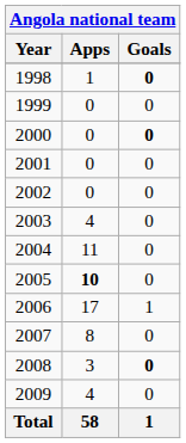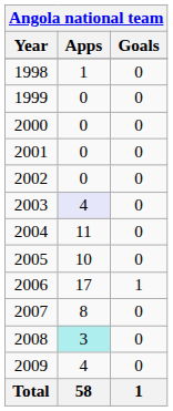 <table class="wikitable" style="text-align:center">
 <tr>
 <th colspan=3><a href='#'>Angola national team</a></th>
 </tr>
 <tr>
 <th>Year</th>
 <th>Apps</th>
 <th>Goals</th>
 </tr>
 <tr>
 </tr>
 <tr>
 <td>1998</td>
 <td>1</td>
-<td><strong>0</strong></td>
+<td>0</td>
 </tr>
 <tr>
 <td>1999</td>
 <td>0</td>
 <td>0</td>
 </tr>
 <tr>
 <td>2000</td>
 <td>0</td>
-<td><strong>0</strong></td>
+<td>0</td>
 </tr>
 <tr>
 <td>2001</td>
 <td>0</td>
 <td>0</td>
 </tr>
 <tr>
 <td>2002</td>
 <td>0</td>
 <td>0</td>
 </tr>
 <tr>
 <td>2003</td>
-<td>4</td>
+<td style="background: lavender;">4</td>
 <td>0</td>
 </tr>
 <tr>
 <td>2004</td>
 <td>11</td>
 <td>0</td>
 </tr>
 <tr>
 <td>2005</td>
-<td><strong>10</strong></td>
+<td>10</td>
 <td>0</td>
 </tr>
 <tr>
 <td>2006</td>
 <td>17</td>
 <td>1</td>
 </tr>
 <tr>
 <td>2007</td>
 <td>8</td>
 <td>0</td>
 </tr>
 <tr>
 <td>2008</td>
-<td>3</td>
-<td><strong>0</strong></td>
+<td style="background: paleturquoise;">3</td>
+<td>0</td>
 </tr>
 <tr>
 <td>2009</td>
 <td>4</td>
 <td>0</td>
 </tr>
 <tr>
 <th>Total</th>
 <th>58</th>
 <th>1</th>
 </tr>
 </table>
